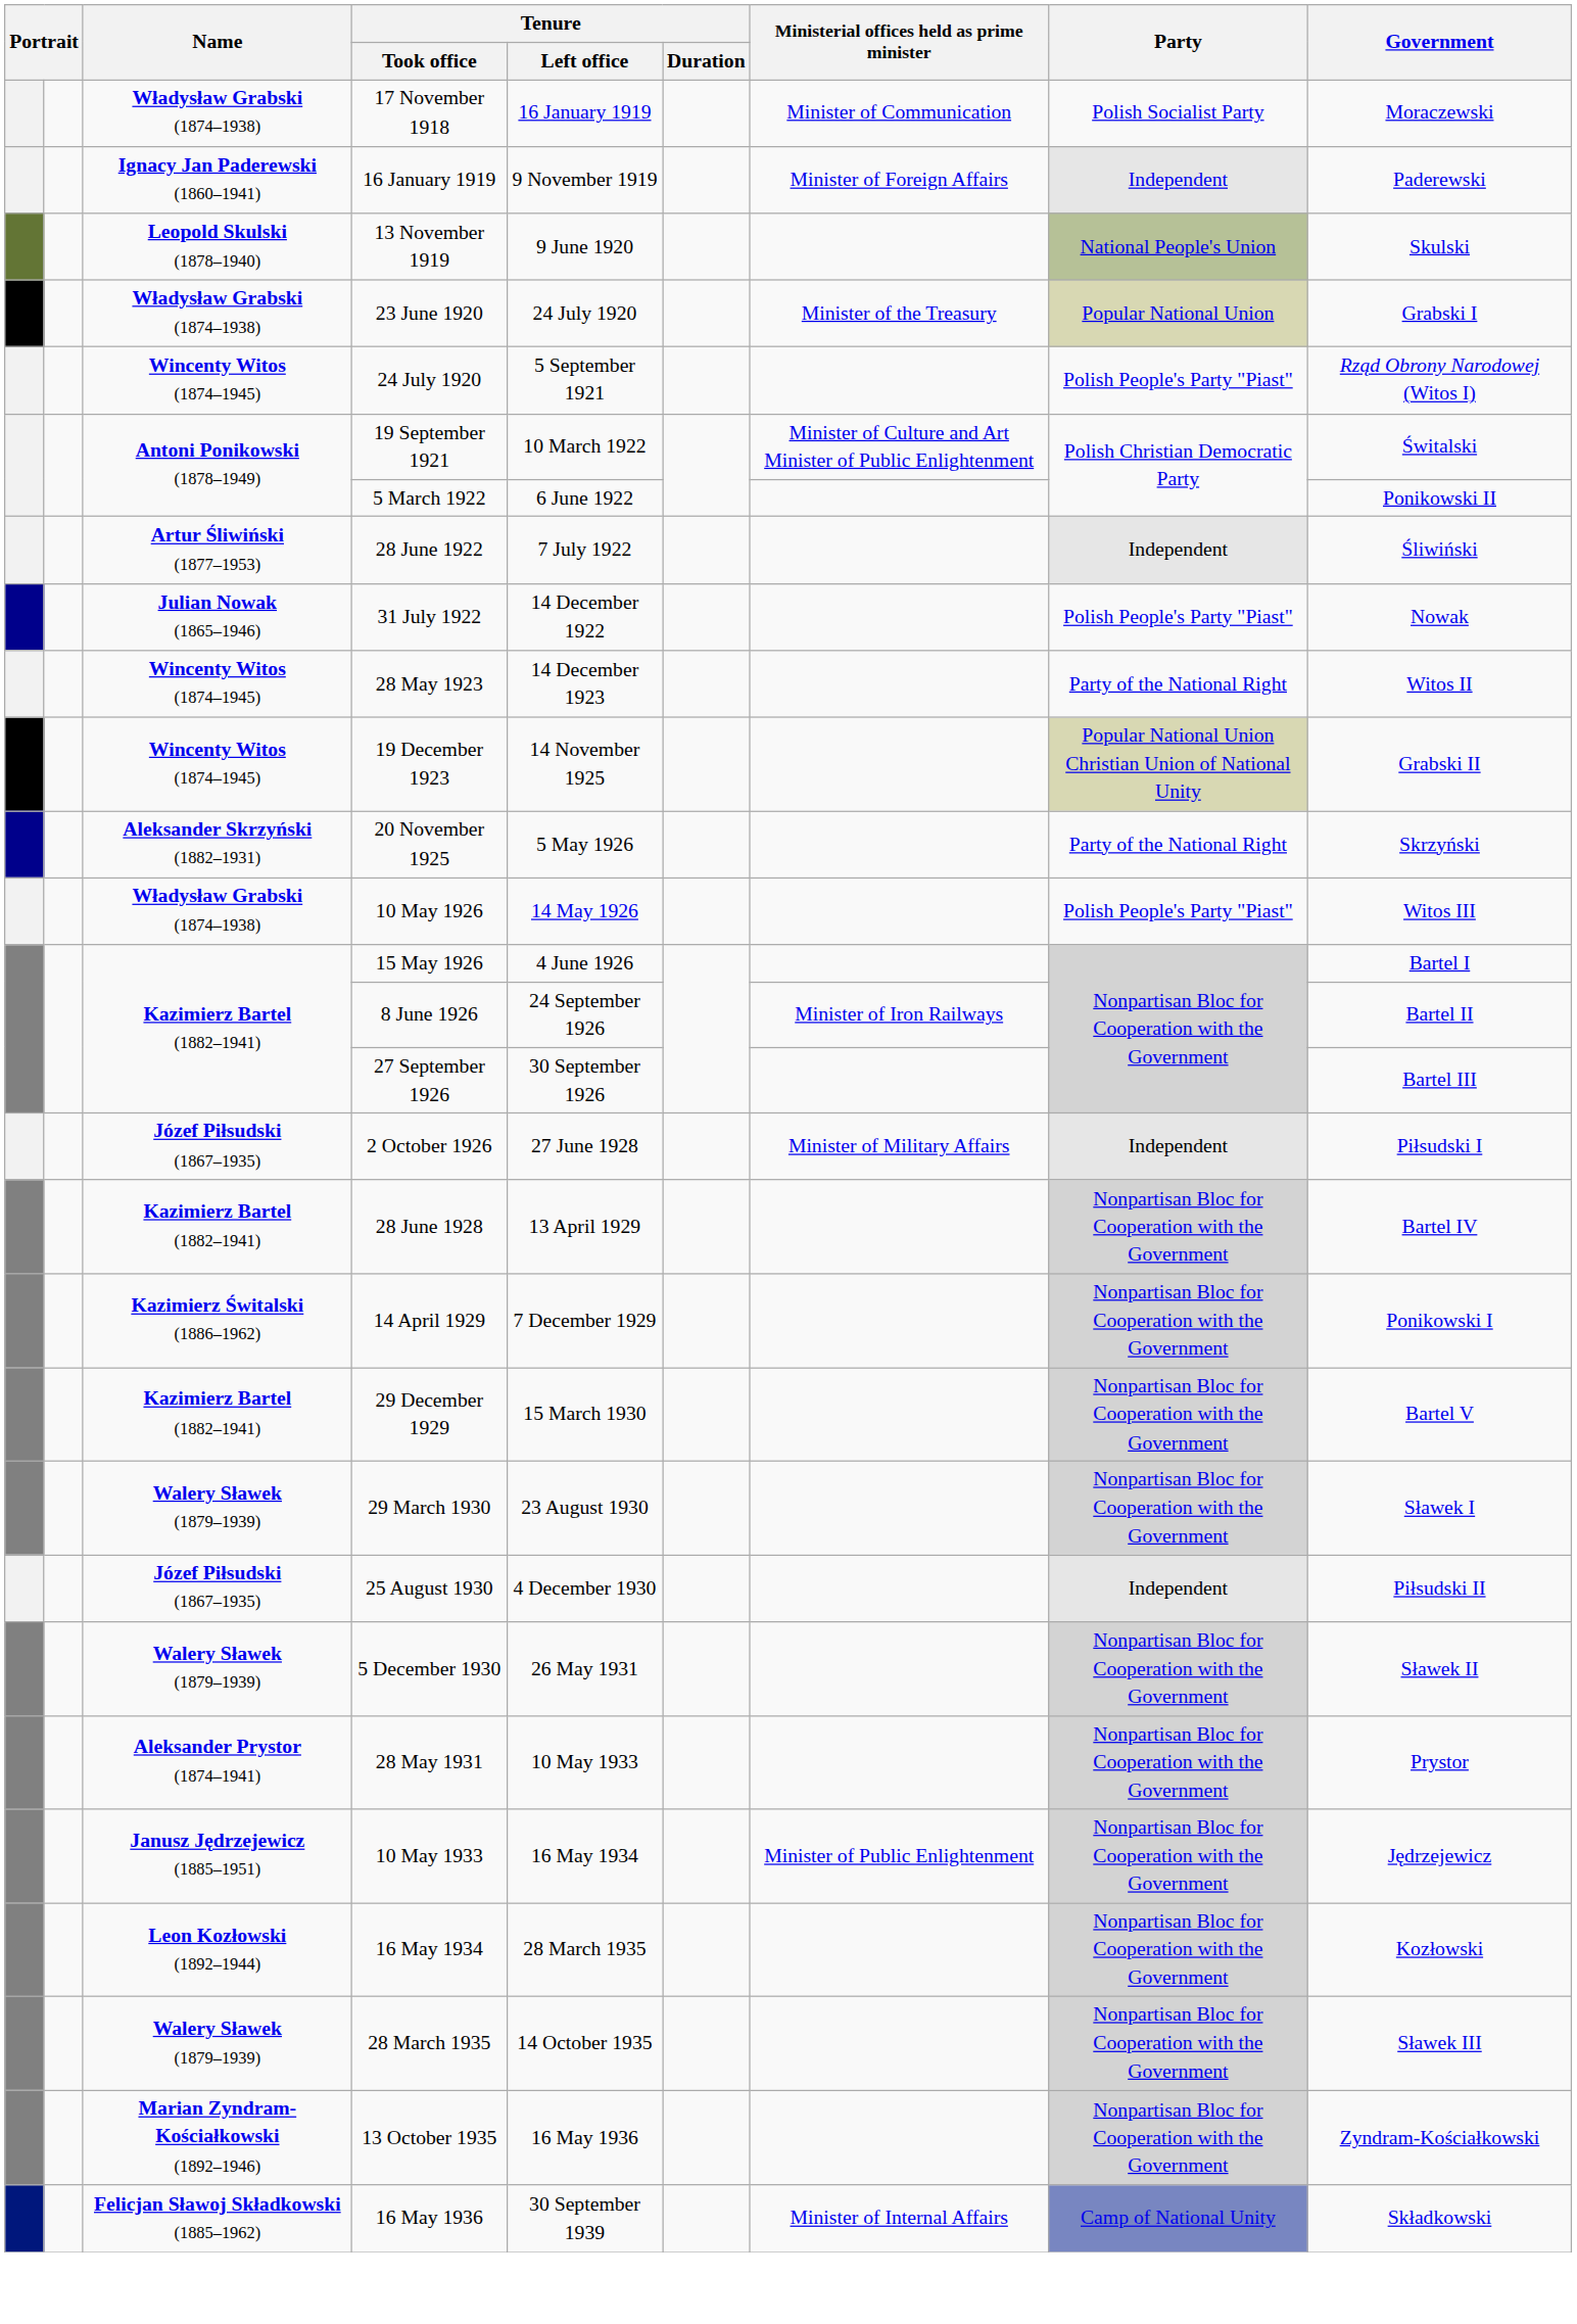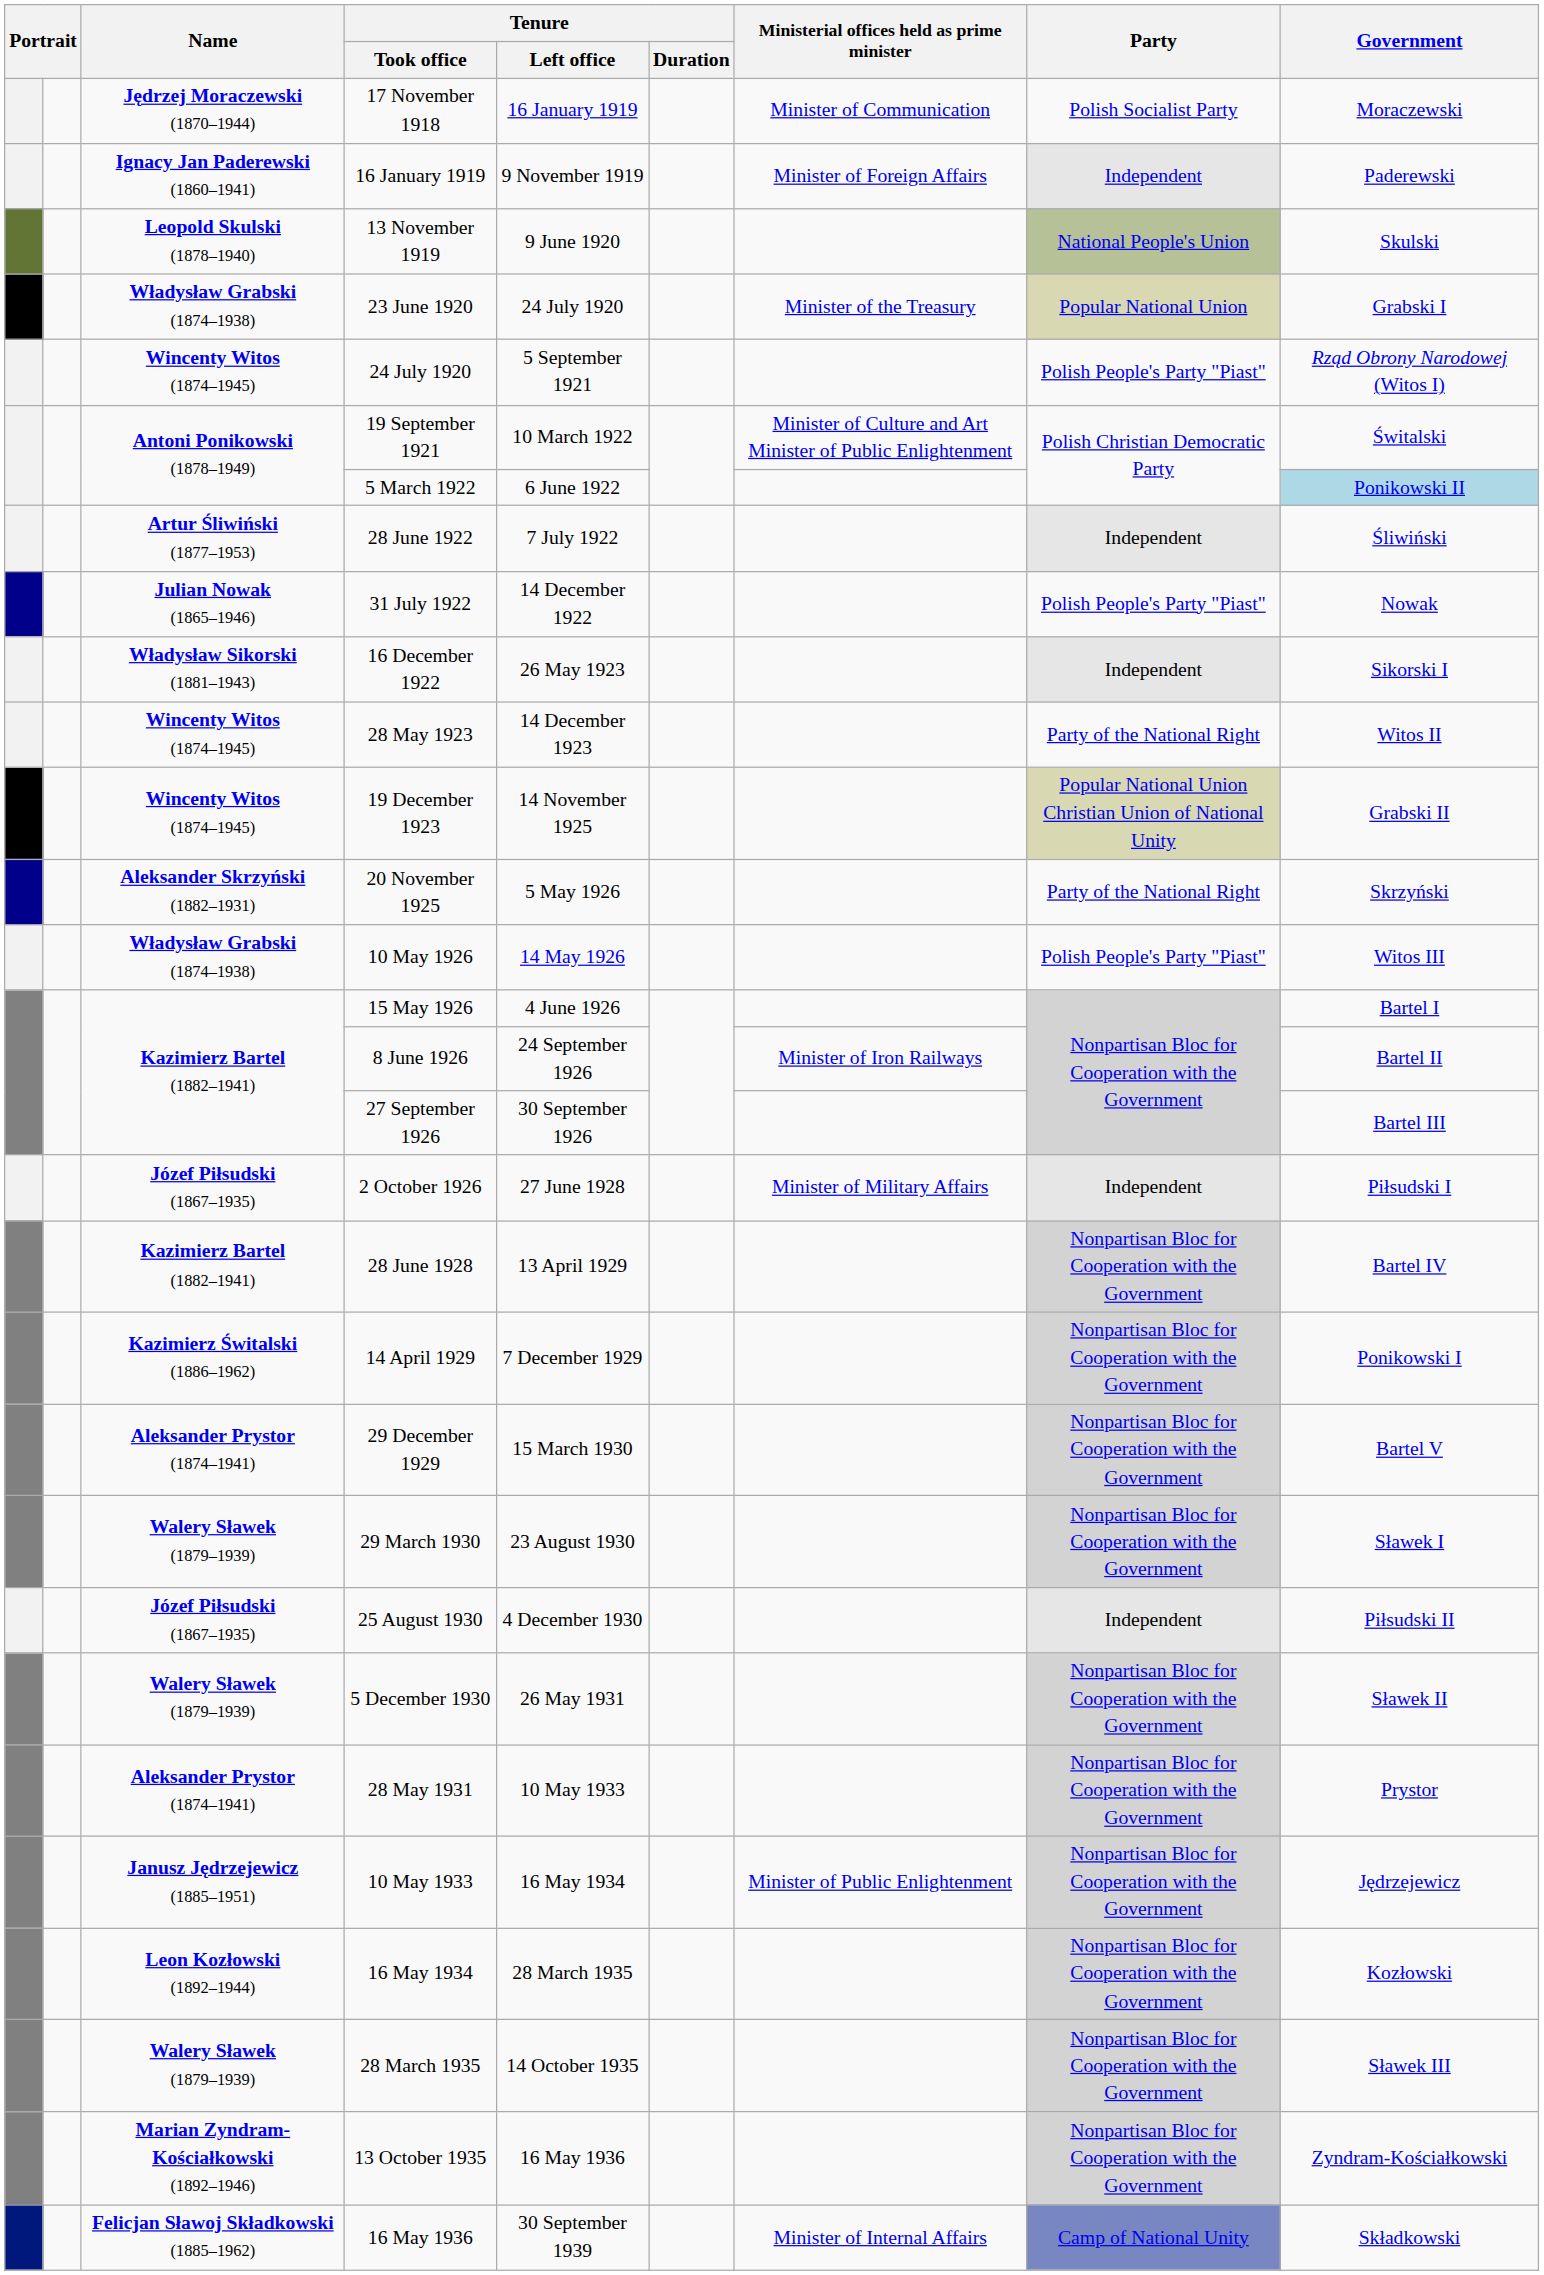 <table class="wikitable" style="line-height:1.4em; text-align:center;">
 <tr>
 <th colspan="2" rowspan="2" scope="col">Portrait</th>
 <th rowspan="2">Name<br></th>
 <th colspan="3" scope="colgroup">Tenure</th>
 <th rowspan="2" style="font-size:90%; line-height:normal" scope="col">Ministerial offices held as prime minister</th>
 <th rowspan="2">Party</th>
 <th rowspan="2"><a href='#'>Government</a></th>
 </tr>
 <tr>
 <th>Took office</th>
 <th>Left office</th>
 <th>Duration</th>
 </tr>
 <tr>
 <th style="background:"></th>
 <td></td>
-<td><strong><a href='#'>Władysław Grabski</a></strong><br><small>(1874–1938)</small></td>
+<td><strong><a href='#'>Jędrzej Moraczewski</a></strong><br><small>(1870–1944)</small></td>
 <td>17 November 1918</td>
 <td><a href='#'>16 January 1919</a></td>
 <td></td>
 <td><a href='#'>Minister of Communication</a><br></td>
 <td><a href='#'>Polish Socialist Party</a></td>
 <td><a href='#'>Moraczewski</a><br></td>
 </tr>
 <tr>
 <th style="background:"></th>
 <td></td>
 <td><strong><a href='#'>Ignacy Jan Paderewski</a></strong><br><small>(1860–1941)</small></td>
 <td>16 January 1919</td>
 <td>9 November 1919</td>
 <td></td>
 <td><a href='#'>Minister of Foreign Affairs</a></td>
 <td style="background:#e6e6e6;"><a href='#'>Independent</a></td>
 <td><a href='#'>Paderewski</a><br></td>
 </tr>
 <tr>
 <th style="background:#637535"></th>
 <td></td>
 <td><strong><a href='#'>Leopold Skulski</a></strong><br><small>(1878–1940)</small></td>
 <td>13 November 1919</td>
 <td>9 June 1920</td>
 <td></td>
 <td></td>
 <td style="background:#B6C197;"><a href='#'>National People's Union</a></td>
 <td><a href='#'>Skulski</a><br></td>
 </tr>
 <tr>
 <th style="background:black"></th>
 <td></td>
 <td><strong><a href='#'>Władysław Grabski</a></strong><br><small>(1874–1938)</small></td>
 <td>23 June 1920</td>
 <td>24 July 1920</td>
 <td></td>
 <td><a href='#'>Minister of the Treasury</a></td>
 <td style="background:#D8D8B3;"><a href='#'>Popular National Union</a></td>
 <td><a href='#'>Grabski I</a><br></td>
 </tr>
 <tr>
 <th style="background:"></th>
 <td></td>
 <td><strong><a href='#'>Wincenty Witos</a></strong><br><small>(1874–1945)</small></td>
 <td>24 July 1920</td>
 <td>5 September 1921</td>
 <td></td>
 <td></td>
 <td><a href='#'>Polish People's Party "Piast"</a></td>
 <td><a href='#'><em>Rząd Obrony Narodowej</em> (Witos I)</a><br></td>
 </tr>
 <tr>
 <th rowspan=2 style="background:"></th>
 <td rowspan=2></td>
 <td rowspan=2><strong><a href='#'>Antoni Ponikowski</a></strong><br><small>(1878–1949)</small></td>
 <td>19 September 1921</td>
 <td>10 March 1922</td>
 <td rowspan=2></td>
 <td><a href='#'>Minister of Culture and Art</a><br><a href='#'>Minister of Public Enlightenment</a></td>
 <td rowspan=2, ><a href='#'>Polish Christian Democratic Party</a></td>
 <td><a href='#'>Świtalski</a></td>
 </tr>
 <tr>
 <td>5 March 1922</td>
 <td>6 June 1922</td>
 <td></td>
-<td><a href='#'>Ponikowski II</a><br></td>
+<td style="background: lightblue;"><a href='#'>Ponikowski II</a><br></td>
 </tr>
 <tr>
 <th style="background:"></th>
 <td></td>
 <td><strong><a href='#'>Artur Śliwiński</a></strong><br><small>(1877–1953)</small></td>
 <td>28 June 1922</td>
 <td>7 July 1922</td>
 <td></td>
 <td></td>
 <td style="background:#e6e6e6;">Independent</td>
 <td><a href='#'>Śliwiński</a></td>
 </tr>
 <tr>
 <th style="background:darkblue;"></th>
 <td></td>
 <td><strong><a href='#'>Julian Nowak</a></strong><br><small>(1865–1946)</small></td>
 <td>31 July 1922</td>
 <td>14 December 1922</td>
 <td></td>
 <td></td>
 <td><a href='#'>Polish People's Party "Piast"</a></td>
 <td><a href='#'>Nowak</a><br></td>
+</tr>
+<tr>
+<th style="background:"></th>
+<td></td>
+<td><strong><a href='#'>Władysław Sikorski</a></strong><br><small>(1881–1943)</small></td>
+<td>16 December 1922</td>
+<td>26 May 1923</td>
+<td></td>
+<td></td>
+<td style="background:#e6e6e6;">Independent</td>
+<td><a href='#'>Sikorski I</a></td>
 </tr>
 <tr>
 <th style="background:"></th>
 <td></td>
 <td><strong><a href='#'>Wincenty Witos</a></strong><br><small>(1874–1945)</small></td>
 <td>28 May 1923</td>
 <td>14 December 1923</td>
 <td></td>
 <td></td>
 <td><a href='#'>Party of the National Right</a></td>
 <td><a href='#'>Witos II</a><br></td>
 </tr>
 <tr>
 <th style="background:black"></th>
 <td></td>
 <td><strong><a href='#'>Wincenty Witos</a></strong><br><small>(1874–1945)</small></td>
 <td>19 December 1923</td>
 <td>14 November 1925</td>
 <td></td>
 <td></td>
 <td style="background:#D8D8B3;"><a href='#'>Popular National Union</a><br><a href='#'>Christian Union of National Unity</a></td>
 <td><a href='#'>Grabski II</a><br></td>
 </tr>
 <tr>
 <th style="background:darkblue"></th>
 <td></td>
 <td><strong><a href='#'>Aleksander Skrzyński</a></strong><br><small>(1882–1931)</small></td>
 <td>20 November 1925</td>
 <td>5 May 1926</td>
 <td></td>
 <td></td>
 <td><a href='#'>Party of the National Right</a></td>
 <td><a href='#'>Skrzyński</a><br></td>
 </tr>
 <tr>
 <th style="background:"></th>
 <td></td>
 <td><strong><a href='#'>Władysław Grabski</a></strong><br><small>(1874–1938)</small></td>
 <td>10 May 1926</td>
 <td><a href='#'>14 May 1926</a></td>
 <td></td>
 <td></td>
 <td><a href='#'>Polish People's Party "Piast"</a></td>
 <td><a href='#'>Witos III</a><br></td>
 </tr>
 <tr>
 <th rowspan=3 style="background:grey"></th>
 <td rowspan=3></td>
 <td rowspan=3><strong><a href='#'>Kazimierz Bartel</a></strong><br><small>(1882–1941)</small></td>
 <td>15 May 1926</td>
 <td>4 June 1926</td>
 <td rowspan=3></td>
 <td></td>
 <td rowspan=3, style="background:#D3D3D3;"><a href='#'>Nonpartisan Bloc for<br>Cooperation with the Government</a></td>
 <td><a href='#'>Bartel I</a></td>
 </tr>
 <tr>
 <td>8 June 1926</td>
 <td>24 September 1926</td>
 <td><a href='#'>Minister of Iron Railways</a></td>
 <td><a href='#'>Bartel II</a></td>
 </tr>
 <tr>
 <td>27 September 1926</td>
 <td>30 September 1926</td>
 <td></td>
 <td><a href='#'>Bartel III</a></td>
 </tr>
 <tr>
 <th style="background:"></th>
 <td></td>
 <td><strong><a href='#'>Józef Piłsudski</a></strong><br><small>(1867–1935)</small></td>
 <td>2 October 1926</td>
 <td>27 June 1928</td>
 <td></td>
 <td><a href='#'>Minister of Military Affairs</a></td>
 <td style="background:#e6e6e6;">Independent</td>
 <td><a href='#'>Piłsudski I</a></td>
 </tr>
 <tr>
 <th style="background:grey"></th>
 <td></td>
 <td><strong><a href='#'>Kazimierz Bartel</a></strong><br><small>(1882–1941)</small></td>
 <td>28 June 1928</td>
 <td>13 April 1929</td>
 <td></td>
 <td></td>
 <td style="background:#D3D3D3;"><a href='#'>Nonpartisan Bloc for<br>Cooperation with the Government</a></td>
 <td><a href='#'>Bartel IV</a></td>
 </tr>
 <tr>
 <th style="background:grey"></th>
 <td></td>
 <td><strong><a href='#'>Kazimierz Świtalski</a></strong><br><small>(1886–1962)</small></td>
 <td>14 April 1929</td>
 <td>7 December 1929</td>
 <td></td>
 <td></td>
 <td style="background:#D3D3D3;"><a href='#'>Nonpartisan Bloc for<br>Cooperation with the Government</a></td>
 <td><a href='#'>Ponikowski I</a><br></td>
 </tr>
 <tr>
 <th style="background:grey"></th>
 <td></td>
-<td><strong><a href='#'>Kazimierz Bartel</a></strong><br><small>(1882–1941)</small></td>
+<td><strong><a href='#'>Aleksander Prystor</a></strong><br><small>(1874–1941)</small></td>
 <td>29 December 1929</td>
 <td>15 March 1930</td>
 <td></td>
 <td></td>
 <td style="background:#D3D3D3;"><a href='#'>Nonpartisan Bloc for<br>Cooperation with the Government</a></td>
 <td><a href='#'>Bartel V</a></td>
 </tr>
 <tr>
 <th style="background:grey"></th>
 <td></td>
 <td><strong><a href='#'>Walery Sławek</a></strong><br><small>(1879–1939)</small></td>
 <td>29 March 1930</td>
 <td>23 August 1930</td>
 <td></td>
 <td></td>
 <td style="background:#D3D3D3;"><a href='#'>Nonpartisan Bloc for<br>Cooperation with the Government</a></td>
 <td><a href='#'>Sławek I</a></td>
 </tr>
 <tr>
 <th style="background:"></th>
 <td></td>
 <td><strong><a href='#'>Józef Piłsudski</a></strong><br><small>(1867–1935)</small></td>
 <td>25 August 1930</td>
 <td>4 December 1930</td>
 <td></td>
 <td></td>
 <td style="background:#e6e6e6;">Independent</td>
 <td><a href='#'>Piłsudski II</a></td>
 </tr>
 <tr>
 <th style="background:grey"></th>
 <td></td>
 <td><strong><a href='#'>Walery Sławek</a></strong><br><small>(1879–1939)</small></td>
 <td>5 December 1930</td>
 <td>26 May 1931</td>
 <td></td>
 <td></td>
 <td style="background:#D3D3D3;"><a href='#'>Nonpartisan Bloc for<br>Cooperation with the Government</a></td>
 <td><a href='#'>Sławek II</a></td>
 </tr>
 <tr>
 <th style="background:grey"></th>
 <td></td>
 <td><strong><a href='#'>Aleksander Prystor</a></strong><br><small>(1874–1941)</small></td>
 <td>28 May 1931</td>
 <td>10 May 1933</td>
 <td></td>
 <td></td>
 <td style="background:#D3D3D3;"><a href='#'>Nonpartisan Bloc for<br>Cooperation with the Government</a></td>
 <td><a href='#'>Prystor</a></td>
 </tr>
 <tr>
 <th style="background:grey"></th>
 <td></td>
 <td><strong><a href='#'>Janusz Jędrzejewicz</a></strong><br><small>(1885–1951)</small></td>
 <td>10 May 1933</td>
 <td>16 May 1934</td>
 <td></td>
 <td><a href='#'>Minister of Public Enlightenment</a></td>
 <td style="background:#D3D3D3;"><a href='#'>Nonpartisan Bloc for<br>Cooperation with the Government</a></td>
 <td><a href='#'>Jędrzejewicz</a></td>
 </tr>
 <tr>
 <th style="background:grey"></th>
 <td></td>
 <td><strong><a href='#'>Leon Kozłowski</a></strong><br><small>(1892–1944)</small></td>
 <td>16 May 1934</td>
 <td>28 March 1935</td>
 <td></td>
 <td></td>
 <td style="background:#D3D3D3;"><a href='#'>Nonpartisan Bloc for<br>Cooperation with the Government</a></td>
 <td><a href='#'>Kozłowski</a></td>
 </tr>
 <tr>
 <th style="background:grey"></th>
 <td></td>
 <td><strong><a href='#'>Walery Sławek</a></strong><br><small>(1879–1939)</small></td>
 <td>28 March 1935</td>
 <td>14 October 1935</td>
 <td></td>
 <td></td>
 <td style="background:#D3D3D3;"><a href='#'>Nonpartisan Bloc for<br>Cooperation with the Government</a></td>
 <td><a href='#'>Sławek III</a></td>
 </tr>
 <tr>
 <th style="background:grey"></th>
 <td></td>
 <td><strong><a href='#'>Marian Zyndram-Kościałkowski</a></strong><br><small>(1892–1946)</small></td>
 <td>13 October 1935</td>
 <td>16 May 1936</td>
 <td></td>
 <td></td>
 <td style="background:#D3D3D3;"><a href='#'>Nonpartisan Bloc for<br>Cooperation with the Government</a></td>
 <td><a href='#'>Zyndram-Kościałkowski</a></td>
 </tr>
 <tr>
 <th style="background:#00177C;"></th>
 <td></td>
 <td><strong><a href='#'>Felicjan Sławoj Składkowski</a></strong><br><small>(1885–1962)</small></td>
 <td>16 May 1936</td>
 <td>30 September 1939</td>
 <td></td>
 <td><a href='#'>Minister of Internal Affairs</a></td>
 <td style="background:#7886C1;"><a href='#'>Camp of National Unity</a></td>
 <td><a href='#'>Składkowski</a></td>
 </tr>
 </table>
